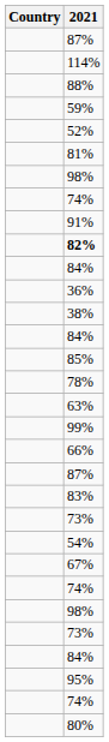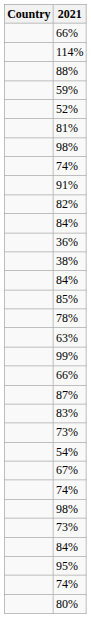 <table class="wikitable sortable">
 <tr>
 <th>Country</th>
 <th>2021</th>
 </tr>
 <tr>
 <td style="text-align: left"></td>
-<td>87%</td>
+<td>66%</td>
 </tr>
 <tr>
 <td style="text-align: left"></td>
 <td>114%</td>
 </tr>
 <tr>
 <td style="text-align: left"></td>
 <td>88%</td>
 </tr>
 <tr>
 <td style="text-align: left"></td>
 <td>59%</td>
 </tr>
 <tr>
 <td style="text-align: left"></td>
 <td>52%</td>
 </tr>
 <tr>
 <td style="text-align: left"></td>
 <td>81%</td>
 </tr>
 <tr>
 <td style="text-align: left"></td>
 <td>98%</td>
 </tr>
 <tr>
 <td style="text-align: left"></td>
 <td>74%</td>
 </tr>
 <tr>
 <td style="text-align: left"></td>
 <td>91%</td>
 </tr>
 <tr>
 <td style="text-align: left"></td>
-<td><strong>82%</strong></td>
+<td>82%</td>
 </tr>
 <tr>
 <td style="text-align: left"></td>
 <td>84%</td>
 </tr>
 <tr>
 <td style="text-align: left"></td>
 <td>36%</td>
 </tr>
 <tr>
 <td style="text-align: left"></td>
 <td>38%</td>
 </tr>
 <tr>
 <td style="text-align: left"></td>
 <td>84%</td>
 </tr>
 <tr>
 <td style="text-align: left"></td>
 <td>85%</td>
 </tr>
 <tr>
 <td style="text-align: left"></td>
 <td>78%</td>
 </tr>
 <tr>
 <td style="text-align: left"></td>
 <td>63%</td>
 </tr>
 <tr>
 <td style="text-align: left"></td>
 <td>99%</td>
 </tr>
 <tr>
 <td style="text-align: left"></td>
 <td>66%</td>
 </tr>
 <tr>
 <td style="text-align: left"></td>
 <td>87%</td>
 </tr>
 <tr>
 <td style="text-align: left"></td>
 <td>83%</td>
 </tr>
 <tr>
 <td style="text-align: left"></td>
 <td>73%</td>
 </tr>
 <tr>
 <td style="text-align: left"></td>
 <td>54%</td>
 </tr>
 <tr>
 <td style="text-align: left"></td>
 <td>67%</td>
 </tr>
 <tr>
 <td style="text-align: left"></td>
 <td>74%</td>
 </tr>
 <tr>
 <td style="text-align: left"></td>
 <td>98%</td>
 </tr>
 <tr>
 <td style="text-align: left"></td>
 <td>73%</td>
 </tr>
 <tr>
 <td style="text-align: left"></td>
 <td>84%</td>
 </tr>
 <tr>
 <td style="text-align: left"></td>
 <td>95%</td>
 </tr>
 <tr>
 <td style="text-align: left"></td>
 <td>74%</td>
 </tr>
 <tr>
 <td style="text-align: left"></td>
 <td>80%</td>
 </tr>
 </table>
